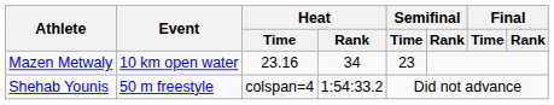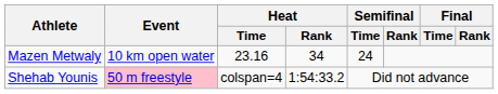 <table class=wikitable style="font-size:90%">
 <tr>
 <th scope="col" rowspan="2">Athlete</th>
 <th scope="col" rowspan="2">Event</th>
 <th scope="col" colspan="2">Heat</th>
 <th scope="col" colspan="2">Semifinal</th>
 <th scope="col" colspan="2">Final</th>
 </tr>
 <tr style="font-size:95%">
 <th scope="col">Time</th>
 <th scope="col">Rank</th>
 <th scope="col">Time</th>
 <th scope="col">Rank</th>
 <th scope="col">Time</th>
 <th scope="col">Rank</th>
 </tr>
 <tr align=center>
 <td align=left><a href='#'>Mazen Metwaly</a></td>
 <td align=left><a href='#'>10 km open water</a></td>
 <td>23.16</td>
 <td>34</td>
-<td>23</td>
+<td>24</td>
 </tr>
 <tr align=center>
 <td align=left><a href='#'>Shehab Younis</a></td>
-<td align=left><a href='#'>50 m freestyle</a></td>
+<td align=left style="background: pink;"><a href='#'>50 m freestyle</a></td>
 <td>colspan=4 </td>
 <td>1:54:33.2</td>
 <td colspan=4>Did not advance</td>
 </tr>
 </table>
